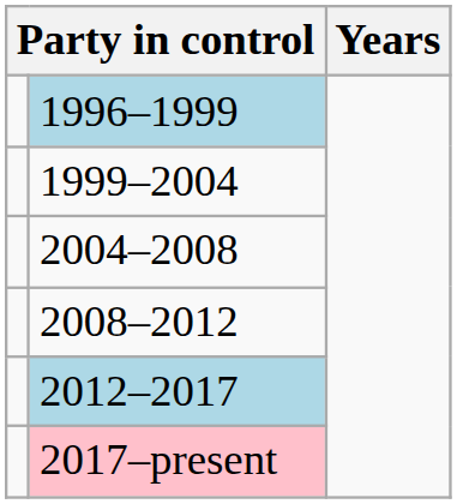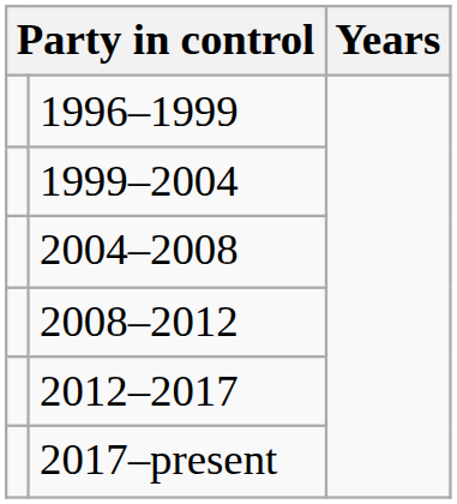 <table class="wikitable">
 <tr>
 <th colspan="2">Party in control</th>
 <th>Years</th>
 </tr>
 <tr>
 <td></td>
-<td style="background: lightblue;">1996–1999</td>
+<td>1996–1999</td>
 </tr>
 <tr>
 <td></td>
 <td>1999–2004</td>
 </tr>
 <tr>
 <td></td>
 <td>2004–2008</td>
 </tr>
 <tr>
 <td></td>
 <td>2008–2012</td>
 </tr>
 <tr>
 <td></td>
-<td style="background: lightblue;">2012–2017</td>
+<td>2012–2017</td>
 </tr>
 <tr>
 <td></td>
-<td style="background: pink;">2017–present</td>
+<td>2017–present</td>
 </tr>
 </table>
